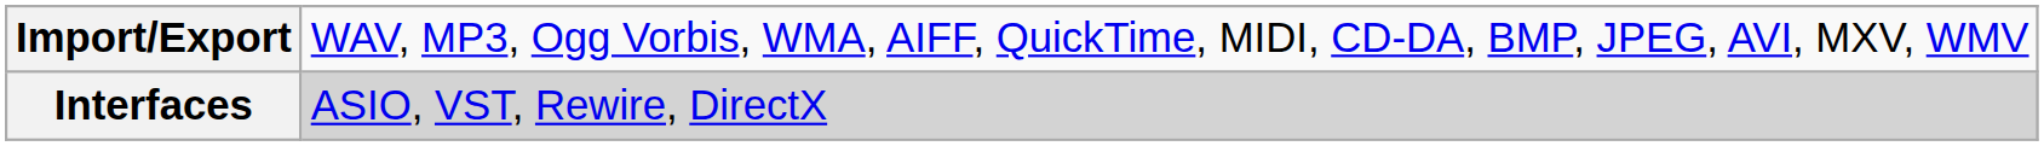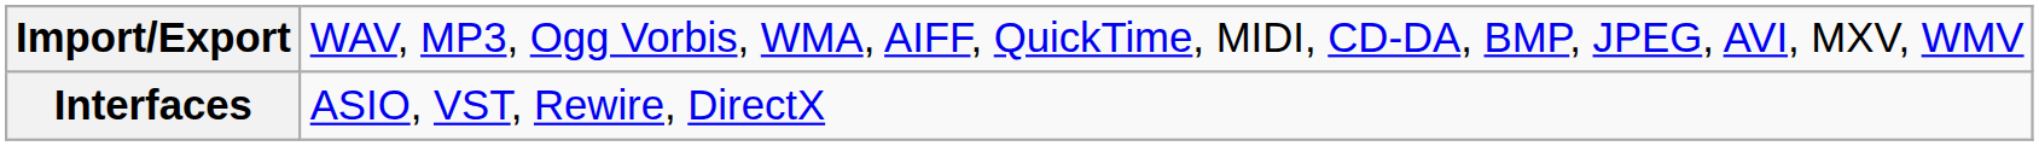 <table class="wikitable">
 <tr>
 <th><strong>Import/Export</strong></th>
 <td><a href='#'>WAV</a>, <a href='#'>MP3</a>, <a href='#'>Ogg Vorbis</a>, <a href='#'>WMA</a>, <a href='#'>AIFF</a>, <a href='#'>QuickTime</a>, MIDI, <a href='#'>CD-DA</a>, <a href='#'>BMP</a>, <a href='#'>JPEG</a>, <a href='#'>AVI</a>, MXV, <a href='#'>WMV</a></td>
 </tr>
 <tr>
 <th><strong>Interfaces</strong></th>
-<td style="background: lightgrey;"><a href='#'>ASIO</a>, <a href='#'>VST</a>, <a href='#'>Rewire</a>, <a href='#'>DirectX</a></td>
+<td><a href='#'>ASIO</a>, <a href='#'>VST</a>, <a href='#'>Rewire</a>, <a href='#'>DirectX</a></td>
 </tr>
 </table>
